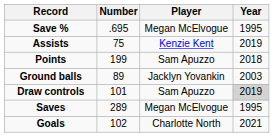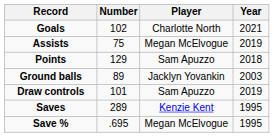 <table class="wikitable">
 <tr>
 <th style="width:140px; ">Record</th>
 <th style="width:35px; ">Number</th>
 <th style="width:140px; ">Player</th>
 <th style="width:50px; ">Year</th>
 </tr>
 <tr style="text-align:center;">
-<td><strong>Save %</strong></td>
-<td>.695</td>
-<td>Megan McElvogue</td>
-<td>1995</td>
+<td><strong>Goals</strong></td>
+<td>102</td>
+<td>Charlotte North</td>
+<td>2021</td>
 </tr>
 <tr style="text-align:center;">
 <td><strong>Assists</strong></td>
 <td>75</td>
-<td><a href='#'>Kenzie Kent</a></td>
+<td>Megan McElvogue</td>
 <td>2019</td>
 </tr>
 <tr style="text-align:center;">
 <td><strong>Points</strong></td>
-<td>199</td>
+<td>129</td>
 <td>Sam Apuzzo</td>
 <td>2018</td>
 </tr>
 <tr style="text-align:center;">
 <td><strong>Ground balls</strong></td>
 <td>89</td>
 <td>Jacklyn Yovankin</td>
 <td>2003</td>
 </tr>
 <tr style="text-align:center;">
 <td><strong>Draw controls</strong></td>
 <td>101</td>
 <td>Sam Apuzzo</td>
-<td style="background: lightgrey;">2019</td>
+<td>2019</td>
 </tr>
 <tr style="text-align:center;">
 <td><strong>Saves</strong></td>
 <td>289</td>
+<td><a href='#'>Kenzie Kent</a></td>
+<td>1995</td>
+</tr>
+<tr style="text-align:center;">
+<td><strong>Save %</strong></td>
+<td>.695</td>
 <td>Megan McElvogue</td>
 <td>1995</td>
 </tr>
-<tr style="text-align:center;">
-<td><strong>Goals</strong></td>
-<td>102</td>
-<td>Charlotte North</td>
-<td>2021</td>
-</tr>
 </table>
